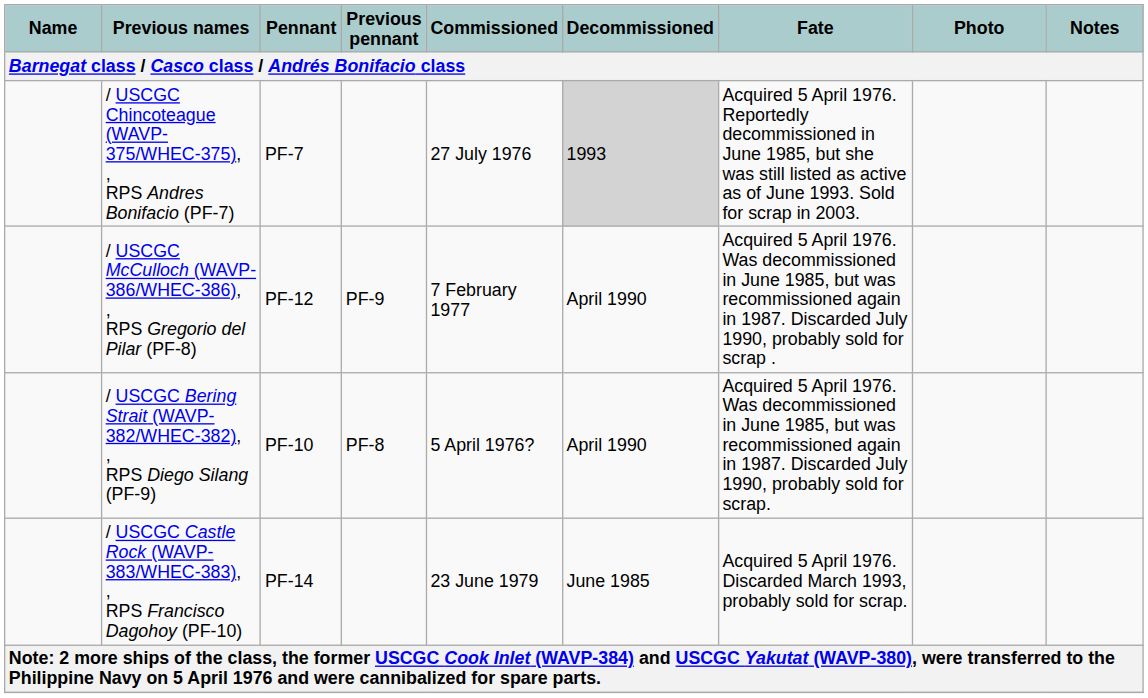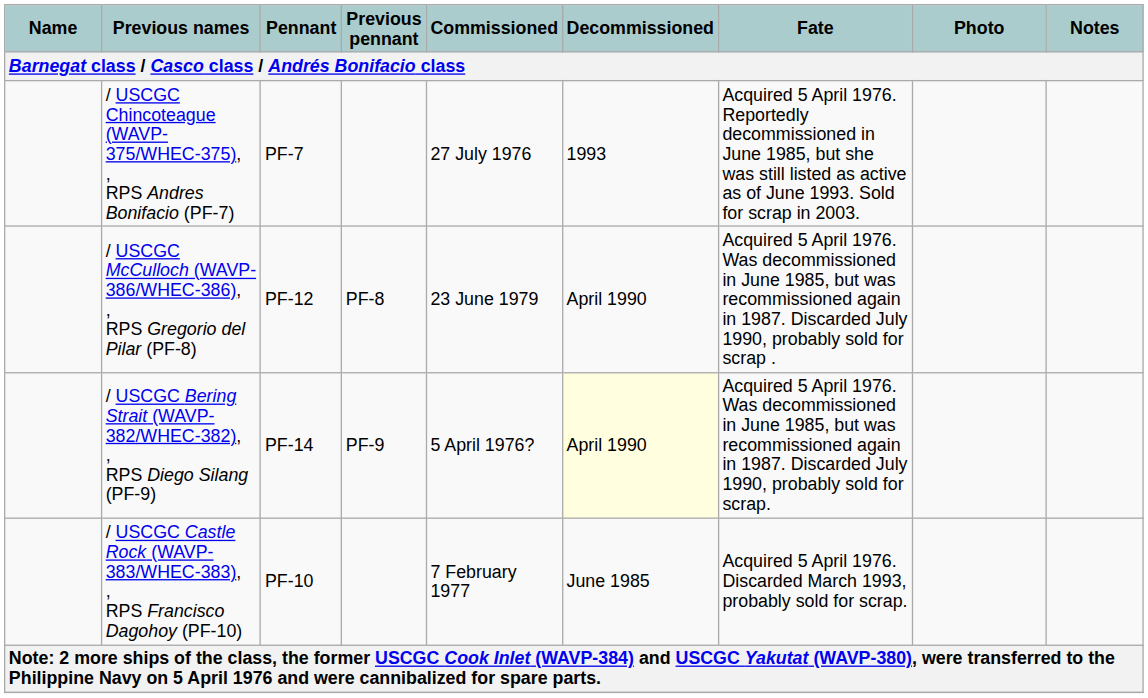 <table class="wikitable" style="font-size:85%;">
 <tr>
 <th style="text-align: center; background: #aacccc;" width="150">Name</th>
 <th style="text-align: center; background: #aacccc;" width="200">Previous names</th>
 <th style="text-align: center; background: #aacccc;" width="60">Pennant</th>
 <th style="text-align: center; background: #aacccc;" width="60">Previous pennant</th>
 <th style="text-align: center; background: #aacccc;" width="50">Commissioned</th>
 <th style="text-align: center; background: #aacccc;" width="50">Decommissioned</th>
 <th style="text-align: center; background: #aacccc;" width="250">Fate</th>
 <th style="text-align: center; background: #aacccc;" width="250">Photo</th>
 <th style="text-align: center; background: #aacccc;" width="150">Notes</th>
 </tr>
 <tr>
 <th style="text-align: left;" colspan="9"><a href='#'><em>Barnegat</em> class</a> / <a href='#'><em>Casco</em> class</a> / <a href='#'><em>Andrés Bonifacio</em> class</a></th>
 </tr>
 <tr>
 <td></td>
 <td> / <a href='#'>USCGC Chincoteague (WAVP-375/WHEC-375)</a>,<br>,<br>RPS <em>Andres Bonifacio</em> (PF-7)</td>
 <td>PF-7</td>
 <td></td>
 <td>27 July 1976</td>
-<td style="background: lightgrey;">1993</td>
+<td>1993</td>
 <td>Acquired 5 April 1976. Reportedly decommissioned in June 1985, but she was still listed as active as of June 1993. Sold for scrap in 2003.</td>
 <td></td>
 <td></td>
 </tr>
 <tr>
 <td></td>
 <td> / <a href='#'>USCGC <em>McCulloch</em> (WAVP-386/WHEC-386)</a>,<br>,<br>RPS <em>Gregorio del Pilar</em> (PF-8)</td>
 <td>PF-12</td>
-<td>PF-9</td>
-<td>7 February 1977</td>
+<td>PF-8</td>
+<td>23 June 1979</td>
 <td>April 1990</td>
 <td>Acquired 5 April 1976. Was decommissioned in June 1985, but was recommissioned again in 1987. Discarded July 1990, probably sold for scrap .</td>
 <td></td>
 <td></td>
 </tr>
 <tr>
 <td></td>
 <td> / <a href='#'>USCGC <em>Bering Strait</em> (WAVP-382/WHEC-382)</a>,<br>,<br>RPS <em>Diego Silang</em> (PF-9)</td>
-<td>PF-10</td>
-<td>PF-8</td>
+<td>PF-14</td>
+<td>PF-9</td>
 <td>5 April 1976?</td>
-<td>April 1990</td>
+<td style="background: lightyellow;">April 1990</td>
 <td>Acquired 5 April 1976. Was decommissioned in June 1985, but was recommissioned again in 1987. Discarded July 1990, probably sold for scrap.</td>
 <td></td>
 <td></td>
 </tr>
 <tr>
 <td></td>
 <td> / <a href='#'>USCGC <em>Castle Rock</em> (WAVP-383/WHEC-383)</a>,<br>,<br>RPS <em>Francisco Dagohoy</em> (PF-10)</td>
-<td>PF-14</td>
+<td>PF-10</td>
 <td></td>
-<td>23 June 1979</td>
+<td>7 February 1977</td>
 <td>June 1985</td>
 <td>Acquired 5 April 1976. Discarded March 1993, probably sold for scrap.</td>
 <td></td>
 <td></td>
 </tr>
 <tr>
 <th style="text-align: left;" colspan="9">Note: 2 more ships of the class, the former <a href='#'>USCGC <em>Cook Inlet</em> (WAVP-384)</a> and <a href='#'>USCGC <em>Yakutat</em> (WAVP-380)</a>, were transferred to the Philippine Navy on 5 April 1976 and were cannibalized for spare parts.</th>
 </tr>
 <tr>
 </tr>
 </table>
